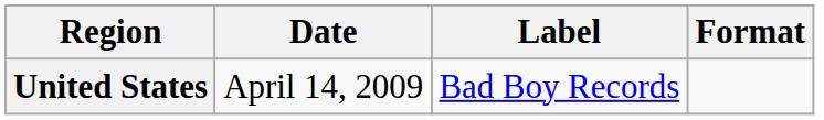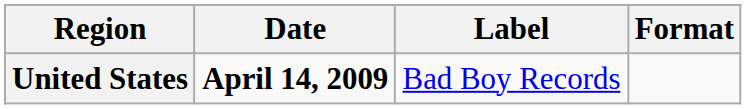 <table class="wikitable sortable plainrowheaders">
 <tr>
 <th scope="col">Region</th>
 <th scope="col">Date</th>
 <th scope="col">Label</th>
 <th scope="col">Format</th>
 </tr>
 <tr>
 <th scope="row">United States</th>
-<td>April 14, 2009</td>
+<td><strong>April 14, 2009</strong></td>
 <td rowspan="3"><a href='#'>Bad Boy Records</a></td>
 <td rowspan="3"></td>
 </tr>
 </table>
